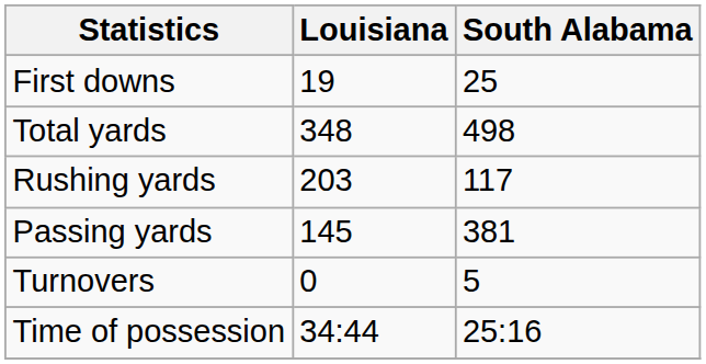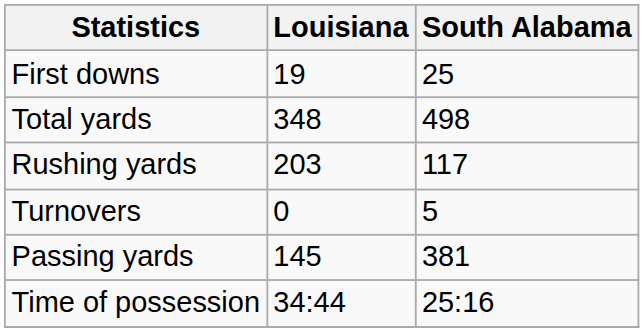 <table class="wikitable">
 <tr>
 <th>Statistics</th>
 <th>Louisiana</th>
 <th>South Alabama</th>
 </tr>
 <tr>
 <td>First downs</td>
 <td>19</td>
 <td>25</td>
 </tr>
 <tr>
 <td>Total yards</td>
 <td>348</td>
 <td>498</td>
 </tr>
 <tr>
 <td>Rushing yards</td>
 <td>203</td>
 <td>117</td>
 </tr>
 <tr>
+<td>Turnovers</td>
+<td>0</td>
+<td>5</td>
+</tr>
+<tr>
 <td>Passing yards</td>
 <td>145</td>
 <td>381</td>
-</tr>
-<tr>
-<td>Turnovers</td>
-<td>0</td>
-<td>5</td>
 </tr>
 <tr>
 <td>Time of possession</td>
 <td>34:44</td>
 <td>25:16</td>
 </tr>
 <tr>
 </tr>
 </table>
